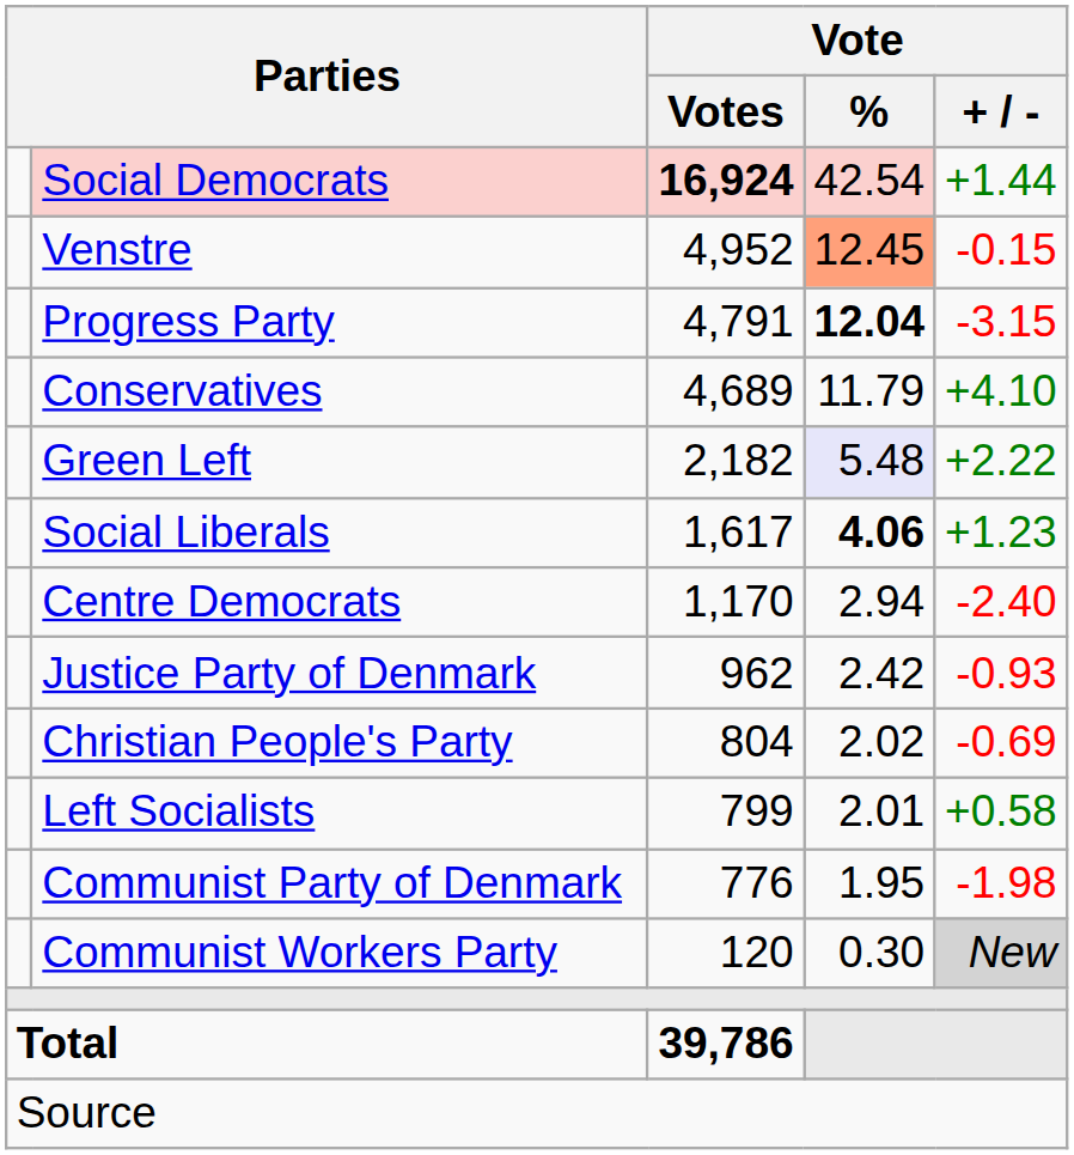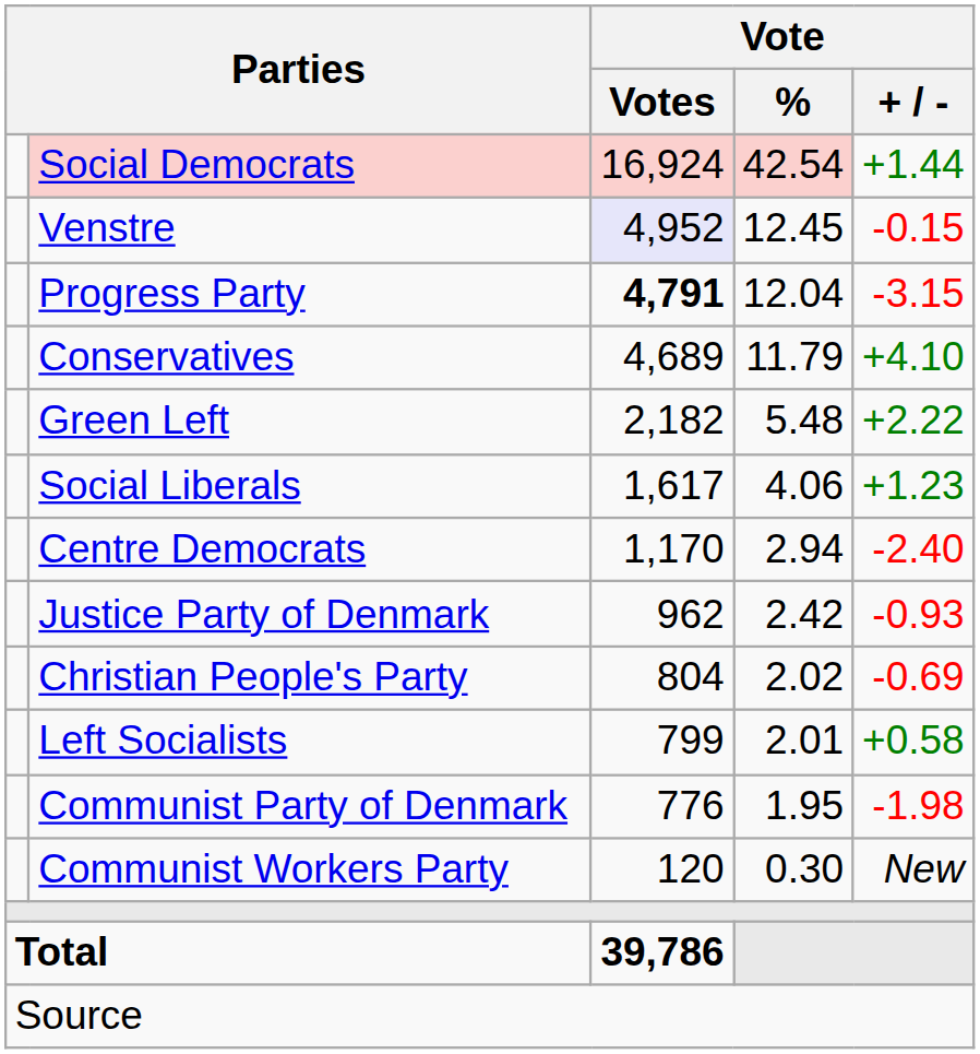 <table class="wikitable" style="text-align:right;">
 <tr>
 <th style="text-align:centre;" rowspan="2" colspan="2" width="225">Parties</th>
 <th colspan="3">Vote</th>
 </tr>
 <tr>
 <th width="15">Votes</th>
 <th width="15">%</th>
 <th width="15">+ / -</th>
 </tr>
 <tr>
 <td width="2" style="color:inherit;background:"></td>
 <td bgcolor=#fbd0ce  align="left"><a href='#'>Social Democrats</a></td>
-<td bgcolor=#fbd0ce><strong>16,924</strong></td>
+<td bgcolor=#fbd0ce>16,924</td>
 <td bgcolor=#fbd0ce>42.54</td>
 <td style=color:green;>+1.44</td>
 </tr>
 <tr>
 <td width="2" style="color:inherit;background:"></td>
 <td align="left"><a href='#'>Venstre</a></td>
-<td>4,952</td>
-<td style="background: lightsalmon;">12.45</td>
+<td style="background: lavender;">4,952</td>
+<td>12.45</td>
 <td style=color:red;>-0.15</td>
 </tr>
 <tr>
 <td width="2" style="color:inherit;background:"></td>
 <td align="left"><a href='#'>Progress Party</a></td>
-<td>4,791</td>
-<td><strong>12.04</strong></td>
+<td><strong>4,791</strong></td>
+<td>12.04</td>
 <td style=color:red;>-3.15</td>
 </tr>
 <tr>
 <td width="2" style="color:inherit;background:"></td>
 <td align="left"><a href='#'>Conservatives</a></td>
 <td>4,689</td>
 <td>11.79</td>
 <td style=color:green;>+4.10</td>
 </tr>
 <tr>
 <td width="2" style="color:inherit;background:"></td>
 <td align="left"><a href='#'>Green Left</a></td>
 <td>2,182</td>
-<td style="background: lavender;">5.48</td>
+<td>5.48</td>
 <td style=color:green;>+2.22</td>
 </tr>
 <tr>
 <td width="2" style="color:inherit;background:"></td>
 <td align="left"><a href='#'>Social Liberals</a></td>
 <td>1,617</td>
-<td><strong>4.06</strong></td>
+<td>4.06</td>
 <td style=color:green;>+1.23</td>
 </tr>
 <tr>
 <td width="2" style="color:inherit;background:"></td>
 <td align="left"><a href='#'>Centre Democrats</a></td>
 <td>1,170</td>
 <td>2.94</td>
 <td style=color:red;>-2.40</td>
 </tr>
 <tr>
 <td width="2" style="color:inherit;background:"></td>
 <td align="left"><a href='#'>Justice Party of Denmark</a></td>
 <td>962</td>
 <td>2.42</td>
 <td style=color:red;>-0.93</td>
 </tr>
 <tr>
 <td width="2" style="color:inherit;background:"></td>
 <td align="left"><a href='#'>Christian People's Party</a></td>
 <td>804</td>
 <td>2.02</td>
 <td style=color:red;>-0.69</td>
 </tr>
 <tr>
 <td width="2" style="color:inherit;background:"></td>
 <td align="left"><a href='#'>Left Socialists</a></td>
 <td>799</td>
 <td>2.01</td>
 <td style=color:green;>+0.58</td>
 </tr>
 <tr>
 <td width="2" style="color:inherit;background:"></td>
 <td align="left"><a href='#'>Communist Party of Denmark</a></td>
 <td>776</td>
 <td>1.95</td>
 <td style=color:red;>-1.98</td>
 </tr>
 <tr>
 <td width="2" style="color:inherit;background:"></td>
 <td align="left"><a href='#'>Communist Workers Party</a></td>
 <td>120</td>
 <td>0.30</td>
-<td style="background: lightgrey;"><em>New</em></td>
+<td><em>New</em></td>
 </tr>
 <tr>
 <td colspan="7" bgcolor="#E9E9E9"></td>
 </tr>
 <tr>
 <td align="left" colspan="2"><strong>Total</strong></td>
 <td><strong>39,786</strong></td>
 <td bgcolor="#E9E9E9" colspan="2"></td>
 </tr>
 <tr>
 <td align="left" colspan="6">Source</td>
 </tr>
 </table>
